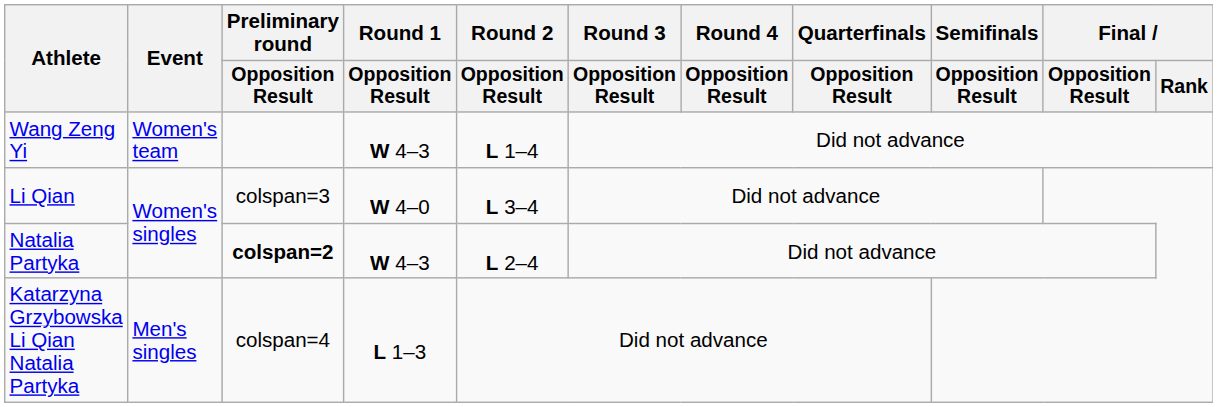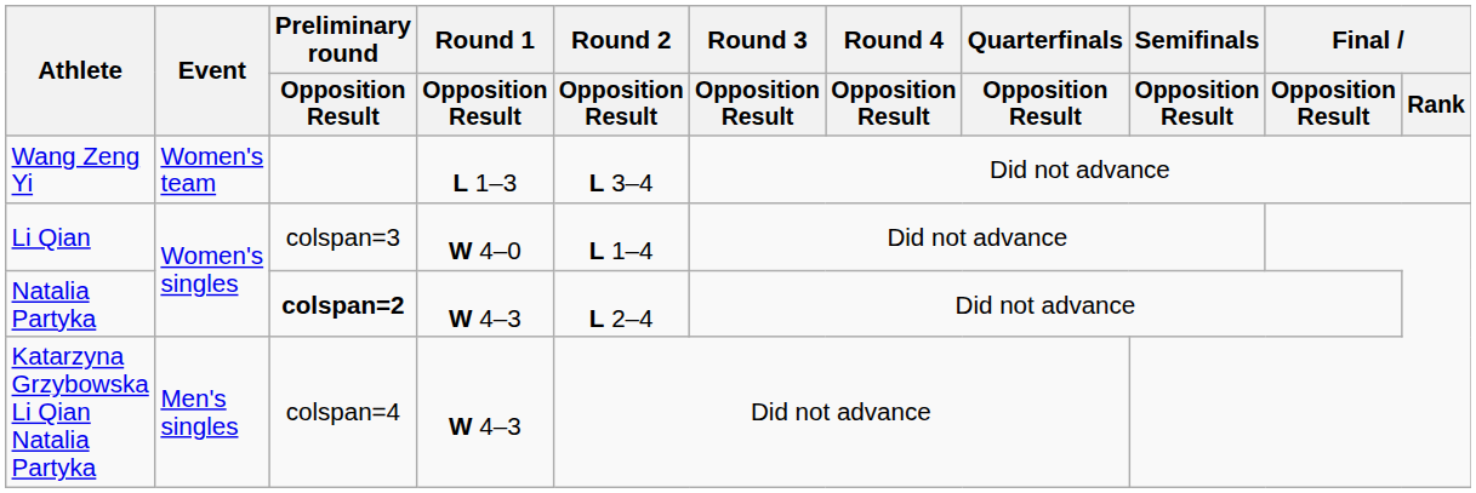 <table class="wikitable" style="font-size:90%">
 <tr>
 <th rowspan="2">Athlete</th>
 <th rowspan="2">Event</th>
 <th>Preliminary round</th>
 <th>Round 1</th>
 <th>Round 2</th>
 <th>Round 3</th>
 <th>Round 4</th>
 <th>Quarterfinals</th>
 <th>Semifinals</th>
 <th colspan=2>Final / </th>
 </tr>
 <tr style="font-size:95%">
 <th>Opposition<br>Result</th>
 <th>Opposition<br>Result</th>
 <th>Opposition<br>Result</th>
 <th>Opposition<br>Result</th>
 <th>Opposition<br>Result</th>
 <th>Opposition<br>Result</th>
 <th>Opposition<br>Result</th>
 <th>Opposition<br>Result</th>
 <th>Rank</th>
 </tr>
 <tr align=center>
 <td align=left><a href='#'>Wang Zeng Yi</a></td>
 <td align=left><a href='#'>Women's team</a></td>
 <td></td>
-<td><br><strong>W</strong> 4–3</td>
-<td><br><strong>L</strong> 1–4</td>
+<td><br><strong>L</strong> 1–3</td>
+<td><br><strong>L</strong> 3–4</td>
 <td colspan=6>Did not advance</td>
 </tr>
 <tr align=center>
 <td align=left><a href='#'>Li Qian</a></td>
 <td align=left rowspan=2><a href='#'>Women's singles</a></td>
 <td>colspan=3 </td>
 <td><br><strong>W</strong> 4–0</td>
-<td><br><strong>L</strong> 3–4</td>
+<td><br><strong>L</strong> 1–4</td>
 <td colspan=4>Did not advance</td>
 </tr>
 <tr align=center>
 <td align=left><a href='#'>Natalia Partyka</a></td>
 <td><strong>colspan=2 </strong></td>
 <td><br><strong>W</strong> 4–3</td>
 <td><br><strong>L</strong> 2–4</td>
 <td colspan=5>Did not advance</td>
 </tr>
 <tr align=center>
 <td align=left><a href='#'>Katarzyna Grzybowska</a><br><a href='#'>Li Qian</a><br><a href='#'>Natalia Partyka</a></td>
 <td align=left><a href='#'>Men's singles</a></td>
 <td>colspan=4 </td>
-<td><br><strong>L</strong> 1–3</td>
+<td><br><strong>W</strong> 4–3</td>
 <td colspan=4>Did not advance</td>
 </tr>
 </table>
